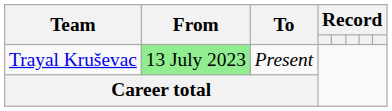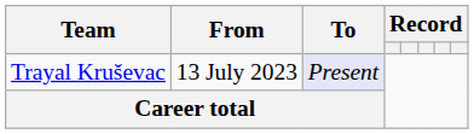 <table class="wikitable" style="text-align:center">
 <tr>
 <th rowspan=2>Team</th>
 <th rowspan=2>From</th>
 <th rowspan=2>To</th>
 <th colspan=8>Record</th>
 </tr>
 <tr>
 <th></th>
 <th></th>
 <th></th>
 <th></th>
 <th></th>
 </tr>
 <tr>
 <td align=left><a href='#'>Trayal Kruševac</a></td>
-<td align=left style="background: lightgreen;">13 July  2023</td>
-<td align=left><em>Present</em><br></td>
+<td align=left>13 July  2023</td>
+<td align=left style="background: lavender;"><em>Present</em><br></td>
 </tr>
 <tr>
 <th colspan=3>Career total<br></th>
 </tr>
 </table>
